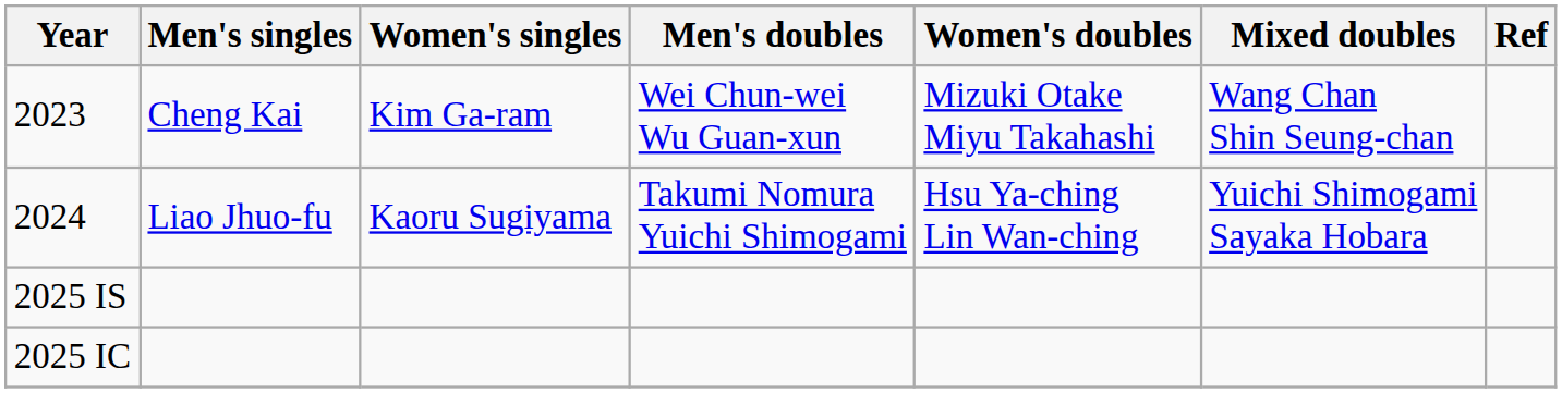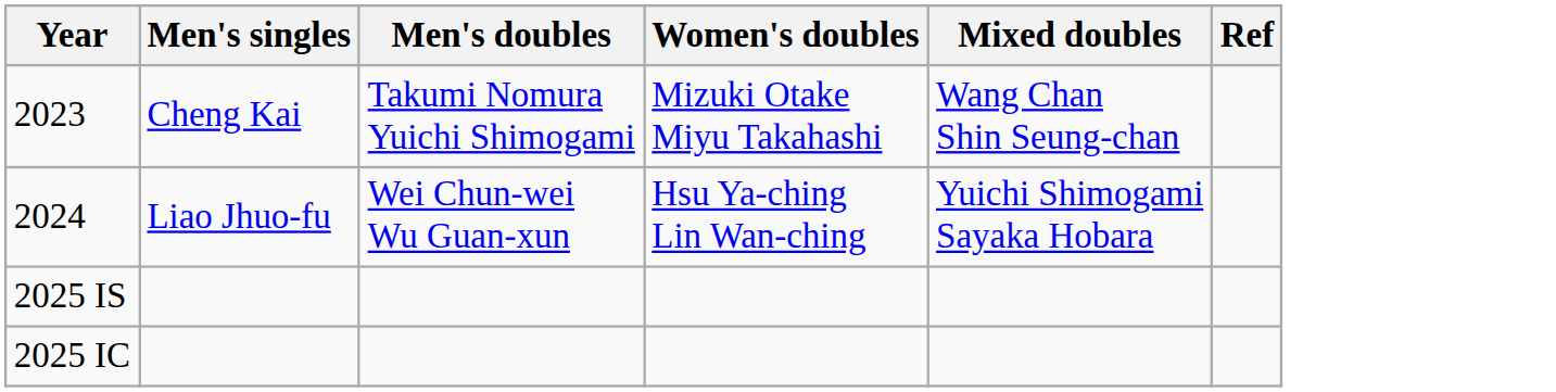 <table class=wikitable style="font-size:90%;">
 <tr>
 <th>Year</th>
 <th>Men's singles</th>
-<th>Women's singles</th>
 <th>Men's doubles</th>
 <th>Women's doubles</th>
 <th>Mixed doubles</th>
 <th>Ref</th>
 </tr>
 <tr>
 <td>2023</td>
 <td> <a href='#'>Cheng Kai</a></td>
-<td> <a href='#'>Kim Ga-ram</a></td>
-<td> <a href='#'>Wei Chun-wei</a><br> <a href='#'>Wu Guan-xun</a></td>
+<td> <a href='#'>Takumi Nomura</a><br> <a href='#'>Yuichi Shimogami</a></td>
 <td> <a href='#'>Mizuki Otake</a><br> <a href='#'>Miyu Takahashi</a></td>
 <td> <a href='#'>Wang Chan</a><br> <a href='#'>Shin Seung-chan</a></td>
 <td style="text-align:center"></td>
 </tr>
 <tr>
 <td>2024</td>
 <td> <a href='#'>Liao Jhuo-fu</a></td>
-<td> <a href='#'>Kaoru Sugiyama</a></td>
-<td> <a href='#'>Takumi Nomura</a><br> <a href='#'>Yuichi Shimogami</a></td>
+<td> <a href='#'>Wei Chun-wei</a><br> <a href='#'>Wu Guan-xun</a></td>
 <td> <a href='#'>Hsu Ya-ching</a><br> <a href='#'>Lin Wan-ching</a></td>
 <td> <a href='#'>Yuichi Shimogami</a><br> <a href='#'>Sayaka Hobara</a></td>
 <td style="text-align:center"></td>
 </tr>
 <tr>
 <td>2025 IS</td>
-<td></td>
 <td></td>
 <td></td>
 <td></td>
 <td></td>
 <td></td>
 </tr>
 <tr>
 <td>2025 IC</td>
 <td></td>
 <td></td>
 <td></td>
 <td></td>
 <td></td>
-<td></td>
 </tr>
 </table>
